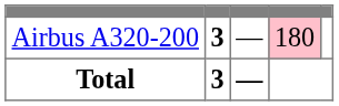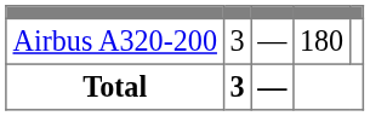 <table class="toccolours" border="1" cellpadding="3" style="margin:1em auto; border-collapse:collapse;text-align:center">
 <tr bgcolor=grey>
 <th></th>
 <th></th>
 <th></th>
 <th></th>
 <th></th>
 </tr>
 <tr>
 <td [Airbus A320 family><a href='#'>Airbus A320-200</a></td>
-<td><strong>3</strong></td>
+<td>3</td>
 <td>—</td>
-<td style="background: pink;">180</td>
+<td>180</td>
 <td></td>
 </tr>
 <tr>
 <th>Total</th>
 <th>3</th>
 <th>—</th>
 <th colspan="3"></th>
 </tr>
 </table>
